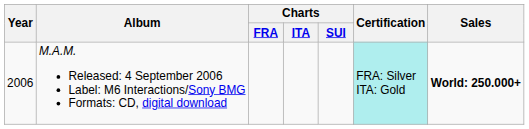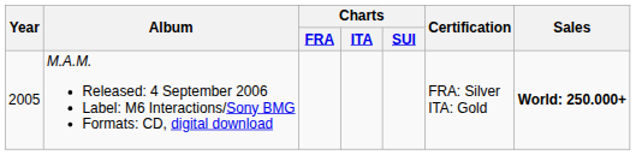 <table class="wikitable" style="text-align:left;">
 <tr>
 <th rowspan="2">Year</th>
 <th rowspan="2">Album</th>
 <th colspan="3">Charts</th>
 <th rowspan="2">Certification</th>
 <th rowspan="2">Sales</th>
 </tr>
 <tr>
 <th width="40"><a href='#'>FRA</a> <br></th>
 <th width="40"><a href='#'>ITA</a> <br></th>
 <th width="40"><a href='#'>SUI</a> <br></th>
 </tr>
 <tr>
-<td>2006</td>
+<td>2005</td>
 <td><em>M.A.M.</em><br><ul><li>Released: 4 September 2006</li><li>Label: M6 Interactions/<a href='#'>Sony BMG</a></li><li>Formats: CD, <a href='#'>digital download</a></li></ul></td>
 <td></td>
 <td></td>
 <td></td>
-<td style="background: paleturquoise;">FRA: Silver <br> ITA: Gold</td>
+<td>FRA: Silver <br> ITA: Gold</td>
 <td><strong>World: 250.000+</strong></td>
 </tr>
 </table>
